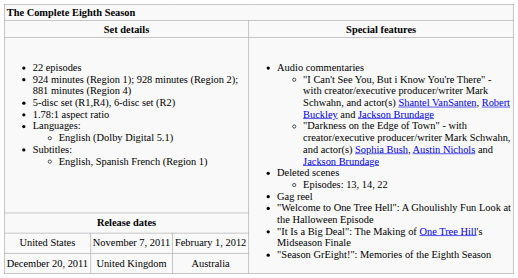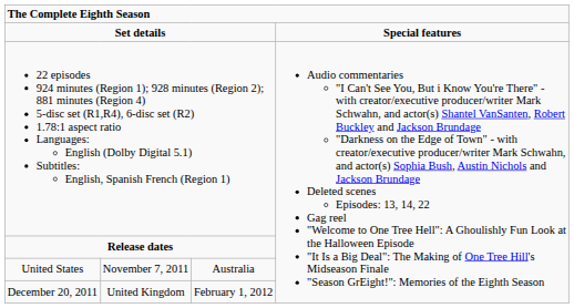 <table class="wikitable">
 <tr>
 <td colspan="6"><strong>The Complete Eighth Season</strong></td>
 </tr>
 <tr style="text-align:center;">
 <td style="width:300px;" colspan="3"><strong>Set details</strong></td>
 <td style="width:400px; "><strong>Special features</strong></td>
 </tr>
 <tr valign="top">
 <td colspan="3"  style="text-align:left; width:300px;"><br><ul><li>22 episodes</li><li>924 minutes (Region 1); 928 minutes (Region 2); 881 minutes (Region 4)</li><li>5-disc set (R1,R4), 6-disc set (R2)</li><li>1.78:1 aspect ratio</li><li>Languages:<ul><li>English (Dolby Digital 5.1)</li></ul></li><li>Subtitles:<ul><li>English, Spanish French (Region 1)</li></ul></li></ul></td>
 <td rowspan="4"  style="text-align:left; width:400px;"><br><ul><li>Audio commentaries<ul><li>"I Can't See You, But i Know You're There" - with creator/executive producer/writer Mark Schwahn, and actor(s) <a href='#'>Shantel VanSanten</a>, <a href='#'>Robert Buckley</a> and <a href='#'>Jackson Brundage</a></li><li>"Darkness on the Edge of Town" - with creator/executive producer/writer Mark Schwahn, and actor(s) <a href='#'>Sophia Bush</a>, <a href='#'>Austin Nichols</a> and <a href='#'>Jackson Brundage</a></li></ul></li><li>Deleted scenes<ul><li>Episodes: 13, 14, 22</li></ul></li><li>Gag reel</li><li>"Welcome to One Tree Hell": A Ghoulishly Fun Look at the Halloween Episode</li><li>"It Is a Big Deal": The Making of <a href='#'>One Tree Hill</a>'s Midseason Finale</li><li>"Season GrEight!": Memories of the Eighth Season</li></ul></td>
 </tr>
 <tr>
 <td colspan="3" style="text-align:center;"><strong>Release dates</strong></td>
 </tr>
 <tr style="text-align:center;">
 <td>United States</td>
 <td>November 7, 2011</td>
-<td>February 1, 2012</td>
+<td>Australia</td>
 </tr>
 <tr style="text-align:center;">
 <td>December 20, 2011</td>
 <td>United Kingdom</td>
-<td>Australia</td>
+<td>February 1, 2012</td>
 </tr>
 </table>
